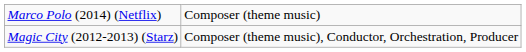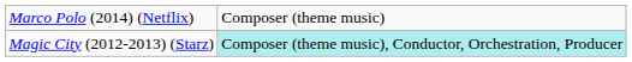 <table class="wikitable">
 <tr>
 <td><a href='#'><em>Marco Polo</em></a> (2014) (<a href='#'>Netflix</a>)</td>
 <td>Composer (theme music)</td>
 </tr>
 <tr>
 <td><a href='#'><em>Magic City</em></a> (2012-2013) (<a href='#'>Starz</a>)</td>
-<td>Composer (theme music), Conductor, Orchestration, Producer</td>
+<td style="background: paleturquoise;">Composer (theme music), Conductor, Orchestration, Producer</td>
 </tr>
 </table>
